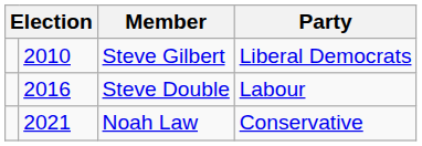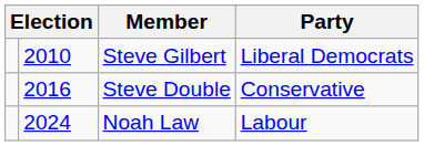 <table class="wikitable">
 <tr>
 <th colspan="2">Election</th>
 <th>Member</th>
 <th>Party</th>
 </tr>
 <tr>
 <td style="color:inherit;background-color: "></td>
 <td><a href='#'>2010</a></td>
 <td><a href='#'>Steve Gilbert</a></td>
 <td><a href='#'>Liberal Democrats</a></td>
 </tr>
 <tr>
 <td style="color:inherit;background-color: "></td>
 <td><a href='#'>2016</a></td>
 <td><a href='#'>Steve Double</a></td>
-<td><a href='#'>Labour</a></td>
+<td><a href='#'>Conservative</a></td>
 </tr>
 <tr>
 <td style="color:inherit;background-color: "></td>
-<td><a href='#'>2021</a></td>
+<td><a href='#'>2024</a></td>
 <td><a href='#'>Noah Law</a></td>
-<td><a href='#'>Conservative</a></td>
+<td><a href='#'>Labour</a></td>
 </tr>
 </table>
